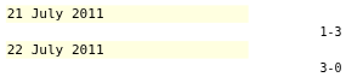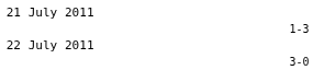 <table style="width:50%;" cellspacing="1">
 <tr>
 <th width=15%></th>
 <th width=10%></th>
 <th width=15%></th>
 </tr>
 <tr>
-<td style="background: lightyellow;">21 July 2011</td>
+<td>21 July 2011</td>
 </tr>
 <tr style=font-size:90%>
 <td align=right></td>
 <td align=center>1-3</td>
 <td></td>
 </tr>
 <tr>
-<td style="background: lightyellow;">22 July 2011</td>
+<td>22 July 2011</td>
 </tr>
 <tr style=font-size:90%>
 <td align=right></td>
 <td align=center>3-0</td>
 <td></td>
 </tr>
 </table>
